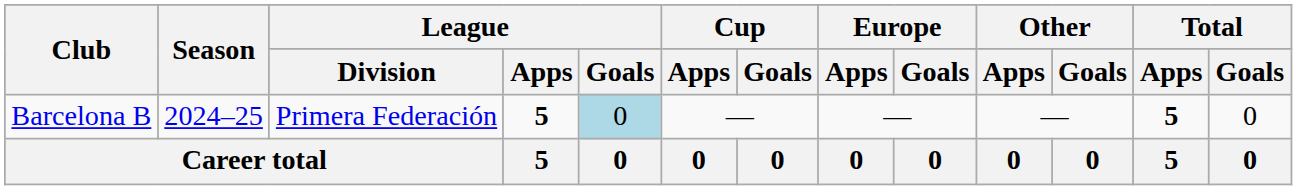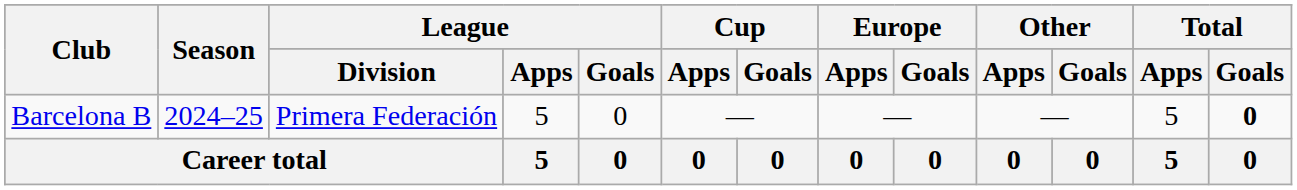 <table class="wikitable" style="text-align: center">
 <tr>
 <th rowspan="2">Club</th>
 <th rowspan="2">Season</th>
 <th colspan="3">League</th>
 <th colspan="2">Cup</th>
 <th colspan="2">Europe</th>
 <th colspan="2">Other</th>
 <th colspan="2">Total</th>
 </tr>
 <tr>
 <th>Division</th>
 <th>Apps</th>
 <th>Goals</th>
 <th>Apps</th>
 <th>Goals</th>
 <th>Apps</th>
 <th>Goals</th>
 <th>Apps</th>
 <th>Goals</th>
 <th>Apps</th>
 <th>Goals</th>
 </tr>
 <tr>
 <td><a href='#'>Barcelona B</a></td>
 <td><a href='#'>2024–25</a></td>
 <td><a href='#'>Primera Federación</a></td>
-<td><strong>5</strong></td>
-<td style="background: lightblue;">0</td>
+<td>5</td>
+<td>0</td>
 <td colspan="2">—</td>
 <td colspan="2">—</td>
 <td colspan="2">—</td>
-<td><strong>5</strong></td>
-<td>0</td>
+<td>5</td>
+<td><strong>0</strong></td>
 </tr>
 <tr>
 <th colspan="3">Career total</th>
 <th>5</th>
 <th>0</th>
 <th>0</th>
 <th>0</th>
 <th>0</th>
 <th>0</th>
 <th>0</th>
 <th>0</th>
 <th>5</th>
 <th>0</th>
 </tr>
 </table>
